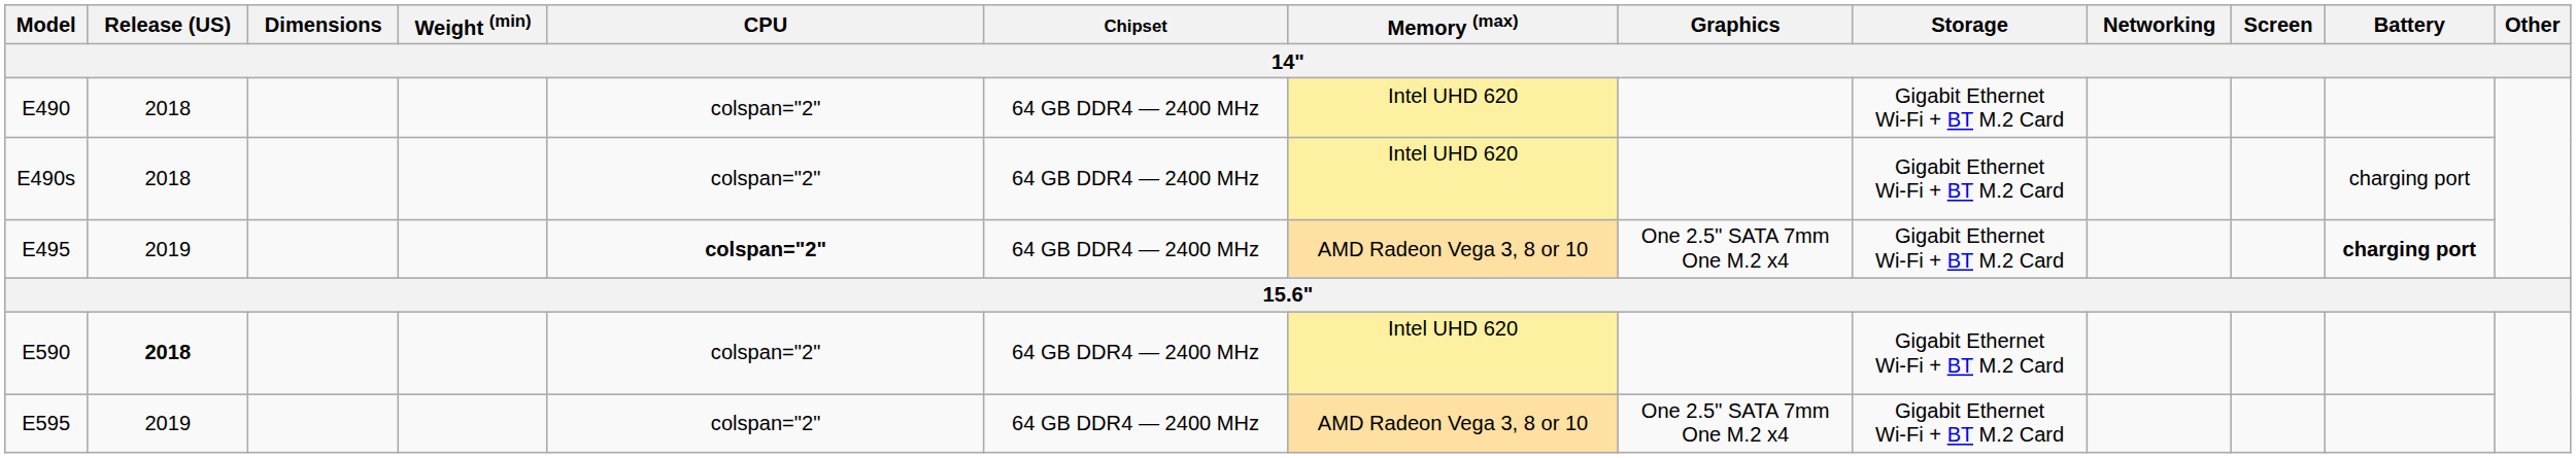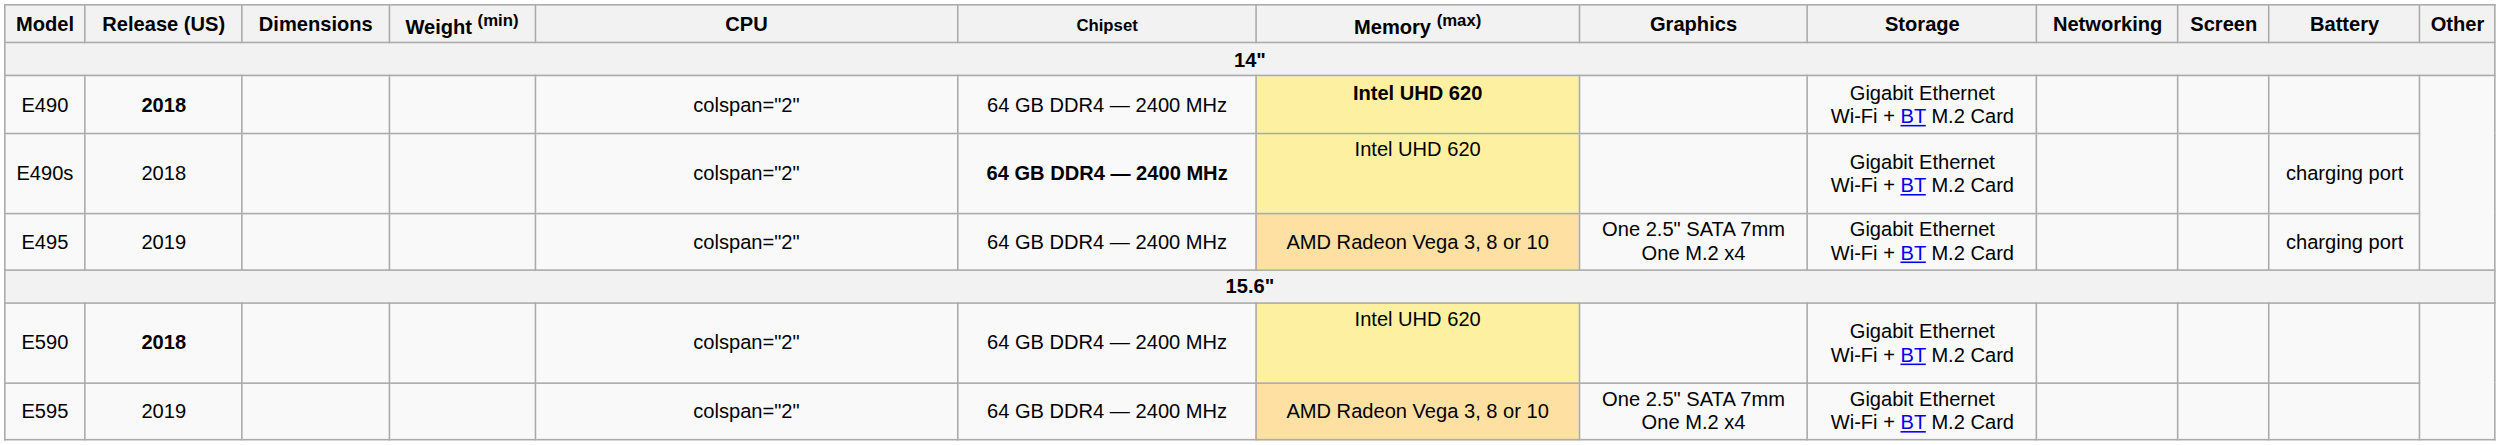 <table class="wikitable" style="font-size: 80%; text-align: center; min-width: 80%;">
 <tr>
 <th>Model</th>
 <th>Release (US)</th>
 <th>Dimensions</th>
 <th>Weight <sup>(min)</sup></th>
 <th style="width:17%">CPU</th>
 <th><small>Chipset</small></th>
 <th>Memory <sup>(max)</sup></th>
 <th>Graphics</th>
 <th>Storage</th>
 <th>Networking</th>
 <th>Screen</th>
 <th>Battery</th>
 <th>Other</th>
 </tr>
 <tr>
 <th colspan="13">14"</th>
 </tr>
 <tr>
 <td>E490</td>
-<td>2018</td>
+<td><strong>2018</strong></td>
 <td></td>
 <td></td>
 <td>colspan="2" </td>
 <td style="background:">64 GB DDR4 — 2400 MHz<br></td>
-<td style="background:#fdf1a1;">Intel UHD 620<br><br></td>
+<td style="background:#fdf1a1;"><strong>Intel UHD 620<br><br></strong></td>
 <td></td>
 <td>Gigabit Ethernet<br>Wi-Fi + <a href='#'>BT</a> M.2 Card</td>
 <td></td>
 <td></td>
 <td></td>
 </tr>
 <tr>
 <td>E490s</td>
 <td>2018</td>
 <td></td>
 <td></td>
 <td>colspan="2" </td>
-<td style="background:">64 GB DDR4 — 2400 MHz<br></td>
+<td style="background:"><strong>64 GB DDR4 — 2400 MHz<br></strong></td>
 <td style="background:#fdf1a1;">Intel UHD 620 <br><br><br></td>
 <td></td>
 <td>Gigabit Ethernet<br>Wi-Fi + <a href='#'>BT</a> M.2 Card</td>
 <td></td>
 <td></td>
 <td> charging port</td>
 </tr>
 <tr>
 <td>E495</td>
 <td>2019</td>
 <td></td>
 <td></td>
-<td><strong>colspan="2" </strong></td>
+<td>colspan="2" </td>
 <td style="background:">64 GB DDR4 — 2400 MHz<br></td>
 <td style="background:#fee0a3;">AMD Radeon Vega 3, 8 or 10</td>
 <td style="background:">One 2.5" SATA 7mm<br>One M.2 x4</td>
 <td>Gigabit Ethernet<br>Wi-Fi + <a href='#'>BT</a> M.2 Card</td>
 <td></td>
 <td></td>
-<td><strong> charging port</strong></td>
+<td> charging port</td>
 </tr>
 <tr>
 <th colspan="13">15.6"</th>
 </tr>
 <tr>
 <td>E590</td>
 <td><strong>2018</strong></td>
 <td></td>
 <td></td>
 <td>colspan="2" </td>
 <td style="background:">64 GB DDR4 — 2400 MHz<br></td>
 <td style="background:#fdf1a1;">Intel UHD 620<br><br><br></td>
 <td></td>
 <td>Gigabit Ethernet<br>Wi-Fi + <a href='#'>BT</a> M.2 Card</td>
 <td></td>
 <td></td>
 <td></td>
 </tr>
 <tr>
 <td>E595</td>
 <td>2019</td>
 <td></td>
 <td></td>
 <td>colspan="2" </td>
 <td style="background:">64 GB DDR4 — 2400 MHz<br></td>
 <td style="background:#fee0a3;">AMD Radeon Vega 3, 8 or 10</td>
 <td style="background:">One 2.5" SATA 7mm<br>One M.2 x4</td>
 <td>Gigabit Ethernet<br>Wi-Fi + <a href='#'>BT</a> M.2 Card</td>
 <td></td>
 <td></td>
 <td></td>
 </tr>
 </table>
